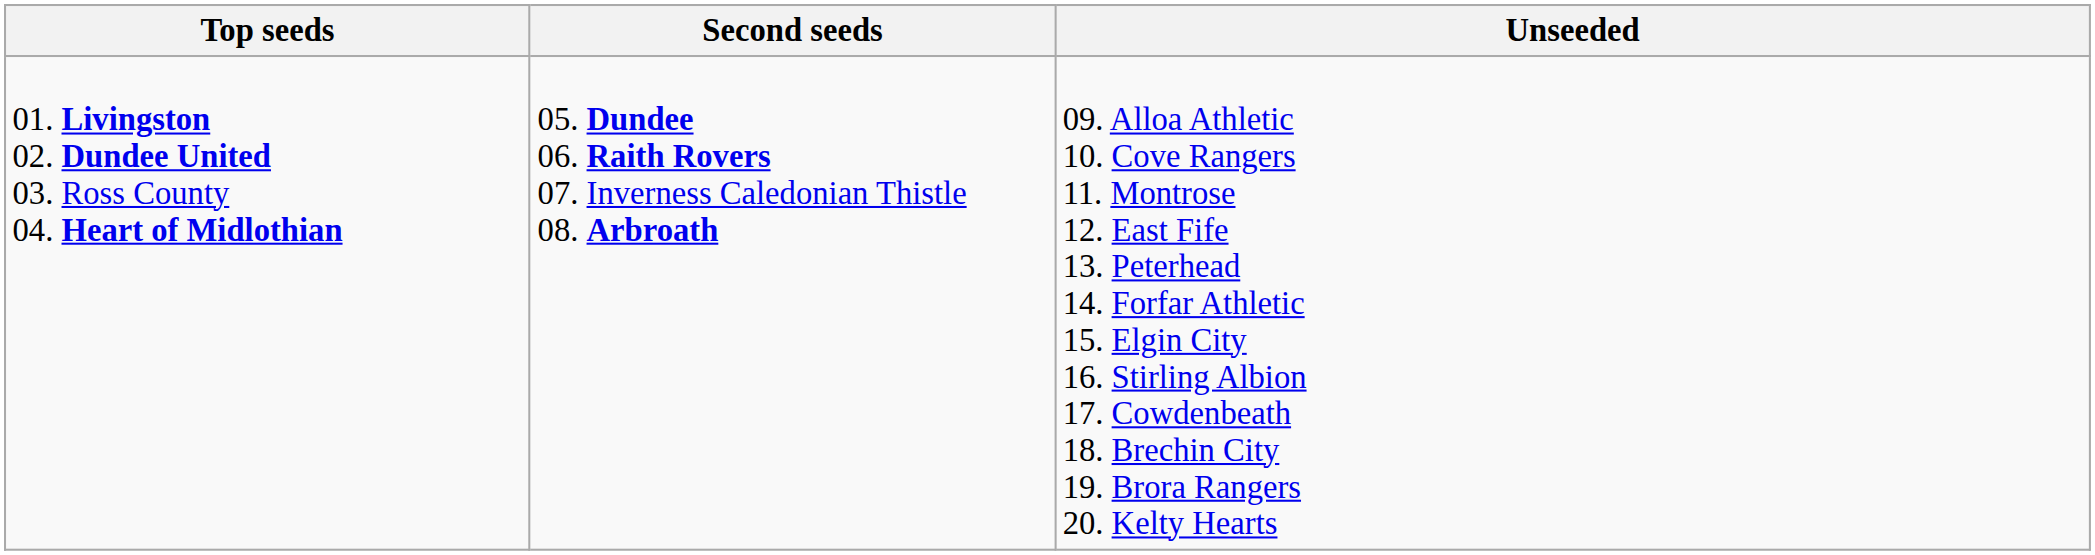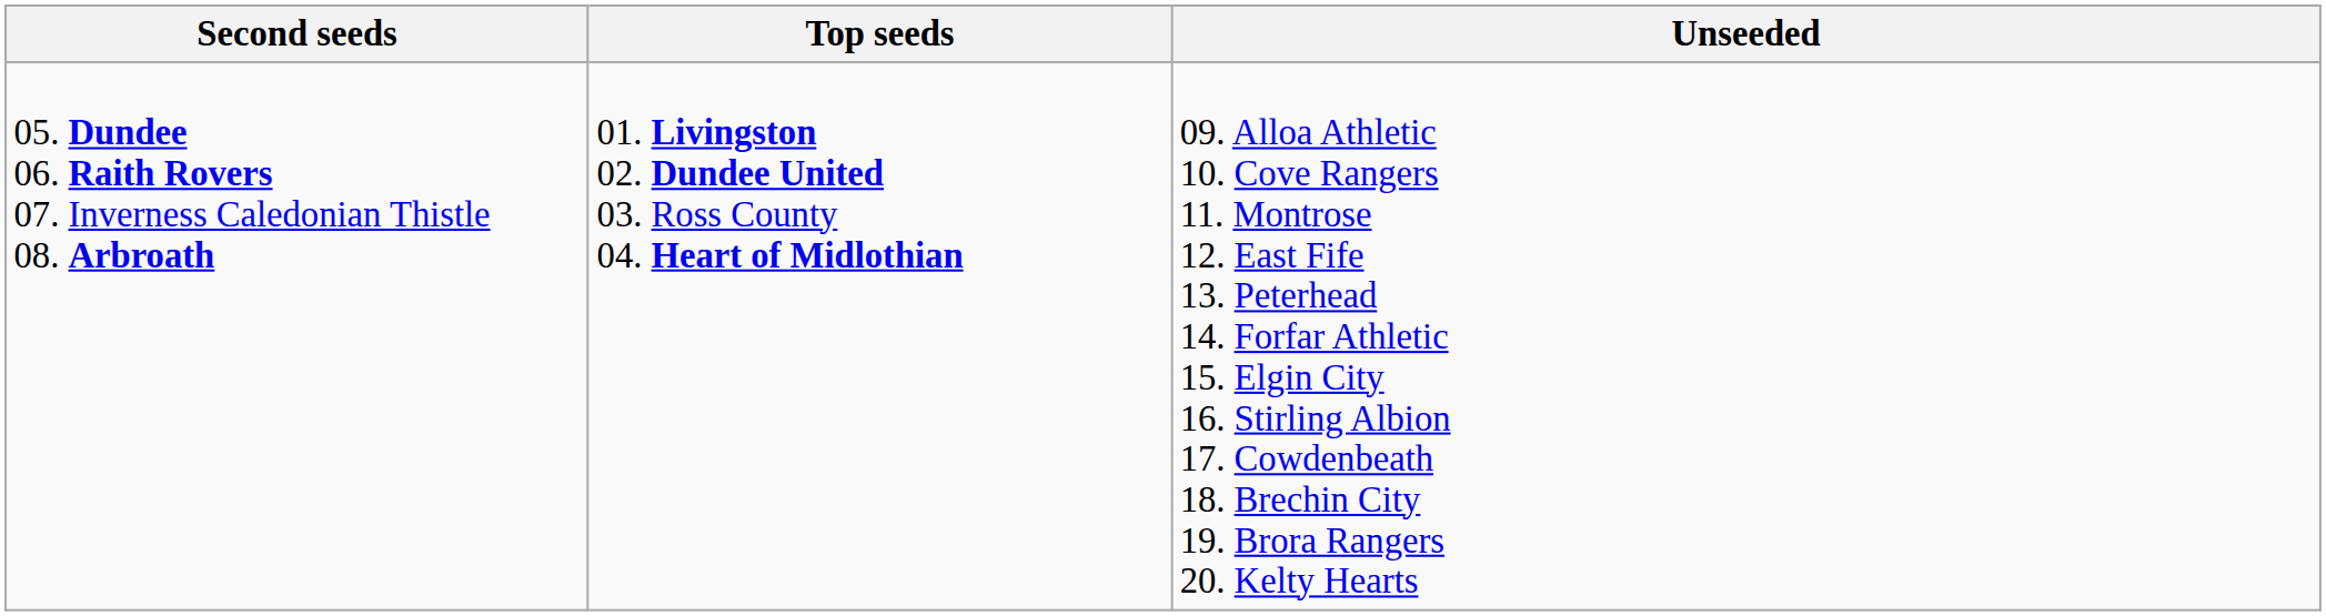 <table class="wikitable">
 <tr>
+<th style="width:250px;">Second seeds</th>
 <th style="width:250px;">Top seeds</th>
-<th style="width:250px;">Second seeds</th>
 <th style="width:500px;">Unseeded</th>
 </tr>
 <tr>
+<td valign=top><br>05. <strong><a href='#'>Dundee</a></strong><br> 06. <strong><a href='#'>Raith Rovers</a></strong><br> 07. <a href='#'>Inverness Caledonian Thistle</a><br> 08. <strong><a href='#'>Arbroath</a></strong></td>
 <td valign=top><br>01. <strong><a href='#'>Livingston</a></strong><br> 02. <strong><a href='#'>Dundee United</a></strong><br> 03. <a href='#'>Ross County</a><br> 04. <strong><a href='#'>Heart of Midlothian</a></strong></td>
-<td valign=top><br>05. <strong><a href='#'>Dundee</a></strong><br> 06. <strong><a href='#'>Raith Rovers</a></strong><br> 07. <a href='#'>Inverness Caledonian Thistle</a><br> 08. <strong><a href='#'>Arbroath</a></strong></td>
 <td valign=top><br>  09. <a href='#'>Alloa Athletic</a><br> 10. <a href='#'>Cove Rangers</a><br> 11. <a href='#'>Montrose</a><br> 12. <a href='#'>East Fife</a><br> 13. <a href='#'>Peterhead</a><br> 14. <a href='#'>Forfar Athletic</a><br> 15. <a href='#'>Elgin City</a><br> 16. <a href='#'>Stirling Albion</a><br> 17. <a href='#'>Cowdenbeath</a><br> 18. <a href='#'>Brechin City</a><br> 19. <a href='#'>Brora Rangers</a><br> 20. <a href='#'>Kelty Hearts</a> </td>
 </tr>
 </table>
